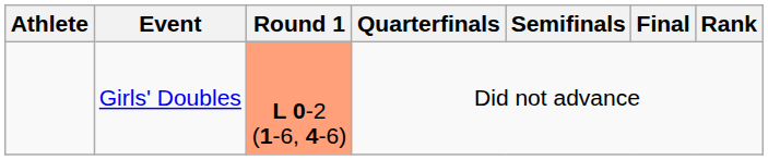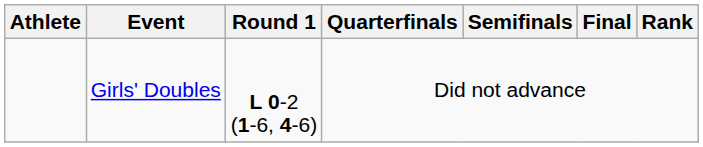 <table class=wikitable style="font-size:90%">
 <tr>
 <th>Athlete</th>
 <th>Event</th>
 <th>Round 1</th>
 <th>Quarterfinals</th>
 <th>Semifinals</th>
 <th>Final</th>
 <th>Rank</th>
 </tr>
 <tr>
 <td> <br></td>
 <td><a href='#'>Girls' Doubles</a></td>
-<td align=center style="background: lightsalmon;"><br><br><strong>L</strong> <strong>0</strong>-2<br> (<strong>1</strong>-6, <strong>4</strong>-6)</td>
+<td align=center><br><br><strong>L</strong> <strong>0</strong>-2<br> (<strong>1</strong>-6, <strong>4</strong>-6)</td>
 <td colspan=4 align=center>Did not advance</td>
 </tr>
 </table>
